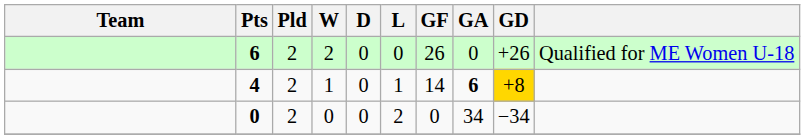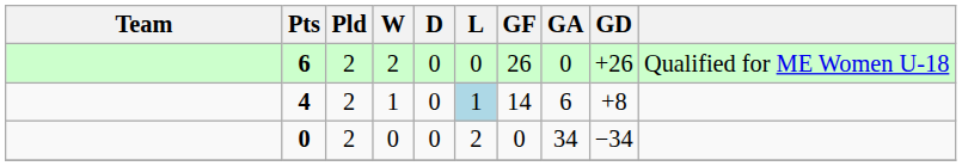 <table class="wikitable" style="text-align:center;">
 <tr>
 <th width=175>Team</th>
 <th width=20 abbr="Points">Pts</th>
 <th width=20 abbr="Played">Pld</th>
 <th width=20 abbr="Won">W</th>
 <th width=20 abbr="Drawn">D</th>
 <th width=20 abbr="Lost">L</th>
 <th width=20 abbr="Goals for">GF</th>
 <th width=20 abbr="Goals against">GA</th>
 <th width=20 abbr="Goal difference">GD</th>
 <th></th>
 </tr>
 <tr bgcolor="#ccffcc">
 <td style="text-align:left;"></td>
 <td><strong>6</strong></td>
 <td>2</td>
 <td>2</td>
 <td>0</td>
 <td>0</td>
 <td>26</td>
 <td>0</td>
 <td>+26</td>
 <td>Qualified for <a href='#'>ME Women U-18</a></td>
 </tr>
 <tr>
 <td style="text-align:left;"></td>
 <td><strong>4</strong></td>
 <td>2</td>
 <td>1</td>
 <td>0</td>
-<td>1</td>
+<td style="background: lightblue;">1</td>
 <td>14</td>
-<td><strong>6</strong></td>
-<td style="background: gold;">+8</td>
+<td>6</td>
+<td>+8</td>
 <td></td>
 </tr>
 <tr>
 <td style="text-align:left;"></td>
 <td><strong>0</strong></td>
 <td>2</td>
 <td>0</td>
 <td>0</td>
 <td>2</td>
 <td>0</td>
 <td>34</td>
 <td>−34</td>
 <td></td>
 </tr>
 <tr>
 </tr>
 </table>
